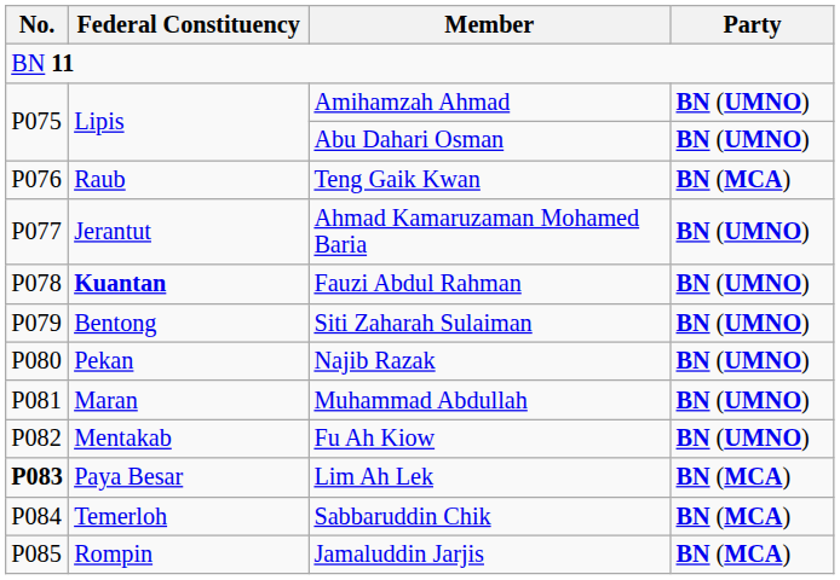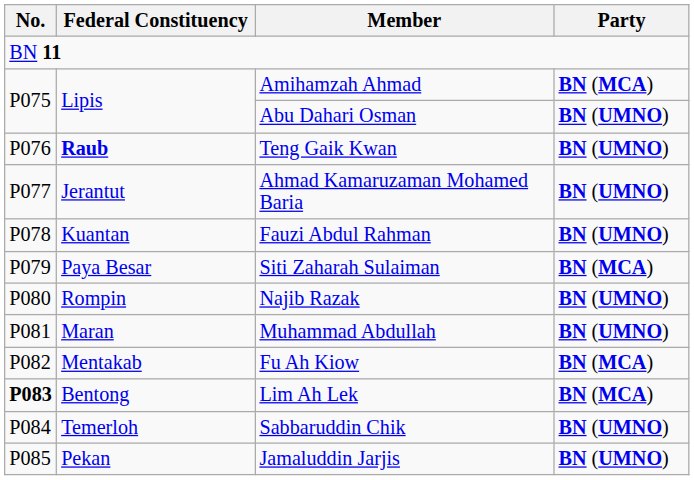 <table class="wikitable sortable">
 <tr>
 <th style="width:30px;">No.</th>
 <th style="width:150px;">Federal Constituency</th>
 <th style="width:230px;">Member</th>
 <th style="width:100px;">Party</th>
 </tr>
 <tr>
 <td colspan="4"><a href='#'>BN</a> <strong>11</strong></td>
 </tr>
 <tr>
 <td rowspan=2>P075</td>
 <td rowspan=2><a href='#'>Lipis</a></td>
 <td><a href='#'>Amihamzah Ahmad</a> </td>
-<td><strong><a href='#'>BN</a></strong> (<strong><a href='#'>UMNO</a></strong>)</td>
+<td><strong><a href='#'>BN</a></strong> (<strong><a href='#'>MCA</a></strong>)</td>
 </tr>
 <tr>
 <td><a href='#'>Abu Dahari Osman</a> </td>
 <td><strong><a href='#'>BN</a></strong> (<strong><a href='#'>UMNO</a></strong>)</td>
 </tr>
 <tr>
 <td>P076</td>
-<td><a href='#'>Raub</a></td>
+<td><strong><a href='#'>Raub</a></strong></td>
 <td><a href='#'>Teng Gaik Kwan</a></td>
-<td><strong><a href='#'>BN</a></strong> (<strong><a href='#'>MCA</a></strong>)</td>
+<td><strong><a href='#'>BN</a></strong> (<strong><a href='#'>UMNO</a></strong>)</td>
 </tr>
 <tr>
 <td>P077</td>
 <td><a href='#'>Jerantut</a></td>
 <td><a href='#'>Ahmad Kamaruzaman Mohamed Baria</a></td>
 <td><strong><a href='#'>BN</a></strong> (<strong><a href='#'>UMNO</a></strong>)</td>
 </tr>
 <tr>
 <td>P078</td>
-<td><strong><a href='#'>Kuantan</a></strong></td>
+<td><a href='#'>Kuantan</a></td>
 <td><a href='#'>Fauzi Abdul Rahman</a></td>
 <td><strong><a href='#'>BN</a></strong> (<strong><a href='#'>UMNO</a></strong>)</td>
 </tr>
 <tr>
 <td>P079</td>
-<td><a href='#'>Bentong</a></td>
+<td><a href='#'>Paya Besar</a></td>
 <td><a href='#'>Siti Zaharah Sulaiman</a></td>
-<td><strong><a href='#'>BN</a></strong> (<strong><a href='#'>UMNO</a></strong>)</td>
+<td><strong><a href='#'>BN</a></strong> (<strong><a href='#'>MCA</a></strong>)</td>
 </tr>
 <tr>
 <td>P080</td>
-<td><a href='#'>Pekan</a></td>
+<td><a href='#'>Rompin</a></td>
 <td><a href='#'>Najib Razak</a></td>
 <td><strong><a href='#'>BN</a></strong> (<strong><a href='#'>UMNO</a></strong>)</td>
 </tr>
 <tr>
 <td>P081</td>
 <td><a href='#'>Maran</a></td>
 <td><a href='#'>Muhammad Abdullah</a></td>
 <td><strong><a href='#'>BN</a></strong> (<strong><a href='#'>UMNO</a></strong>)</td>
 </tr>
 <tr>
 <td>P082</td>
 <td><a href='#'>Mentakab</a></td>
 <td><a href='#'>Fu Ah Kiow</a></td>
-<td><strong><a href='#'>BN</a></strong> (<strong><a href='#'>UMNO</a></strong>)</td>
+<td><strong><a href='#'>BN</a></strong> (<strong><a href='#'>MCA</a></strong>)</td>
 </tr>
 <tr>
 <td><strong>P083</strong></td>
-<td><a href='#'>Paya Besar</a></td>
+<td><a href='#'>Bentong</a></td>
 <td><a href='#'>Lim Ah Lek</a></td>
 <td><strong><a href='#'>BN</a></strong> (<strong><a href='#'>MCA</a></strong>)</td>
 </tr>
 <tr>
 <td>P084</td>
 <td><a href='#'>Temerloh</a></td>
 <td><a href='#'>Sabbaruddin Chik</a></td>
-<td><strong><a href='#'>BN</a></strong> (<strong><a href='#'>MCA</a></strong>)</td>
+<td><strong><a href='#'>BN</a></strong> (<strong><a href='#'>UMNO</a></strong>)</td>
 </tr>
 <tr>
 <td>P085</td>
-<td><a href='#'>Rompin</a></td>
+<td><a href='#'>Pekan</a></td>
 <td><a href='#'>Jamaluddin Jarjis</a></td>
-<td><strong><a href='#'>BN</a></strong> (<strong><a href='#'>MCA</a></strong>)</td>
+<td><strong><a href='#'>BN</a></strong> (<strong><a href='#'>UMNO</a></strong>)</td>
 </tr>
 </table>
